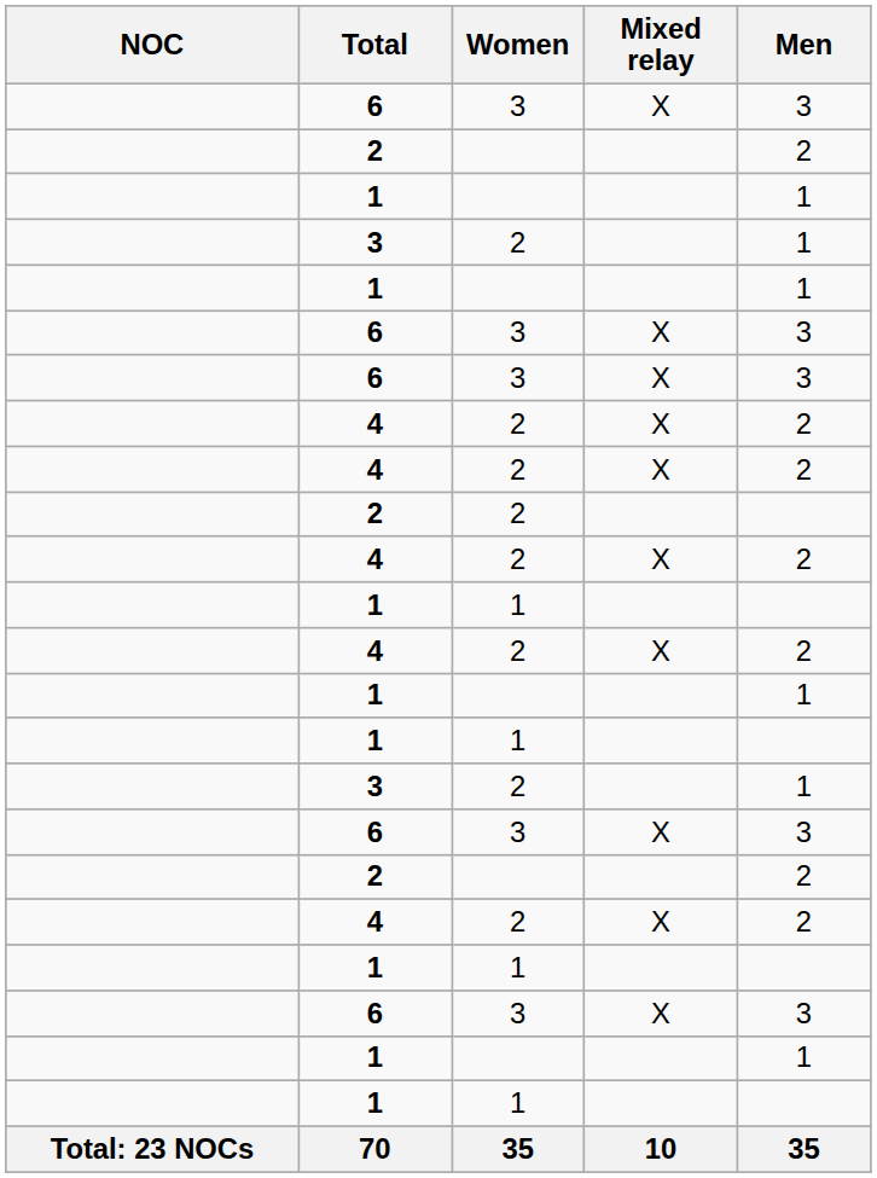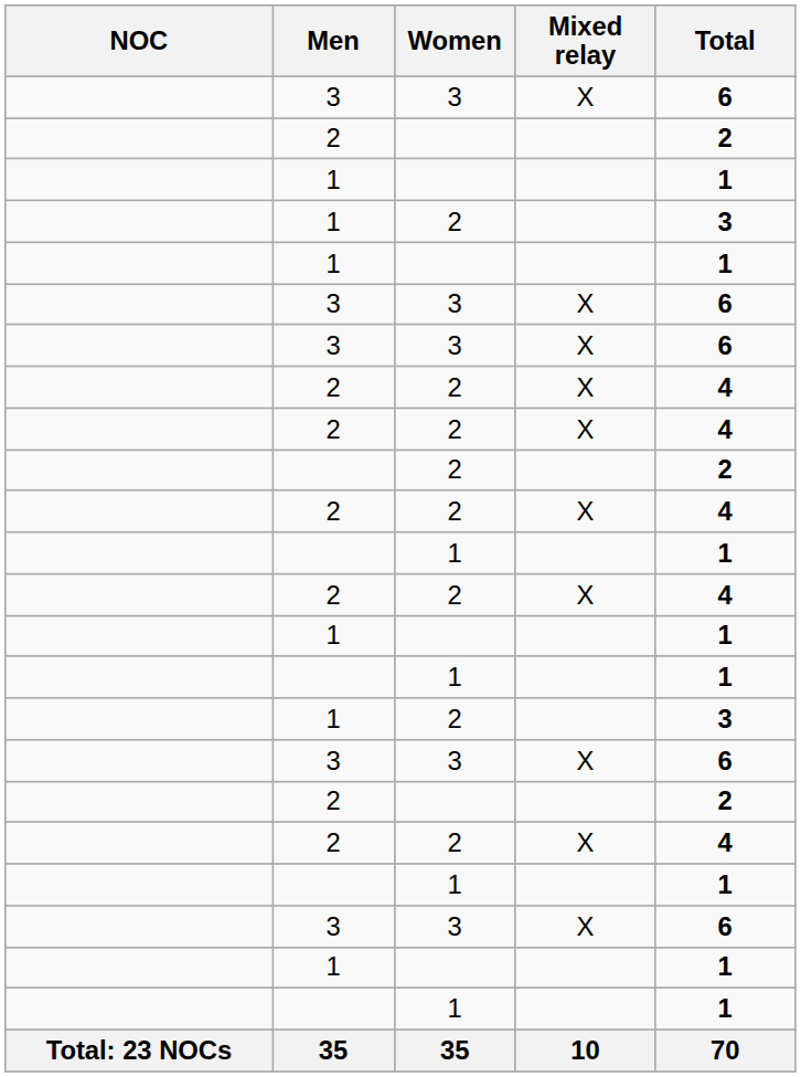 <table class="wikitable" style="text-align:center; font-size:90%">
 <tr>
 <th width=140 align="left">NOC</th>
-<th width=70>Total</th>
+<th width=60>Men</th>
 <th width=60>Women</th>
 <th width=70>Mixed relay</th>
-<th width=60>Men</th>
+<th width=70>Total</th>
 </tr>
 <tr>
 <td align=left></td>
-<td><strong>6</strong></td>
+<td>3</td>
 <td>3</td>
 <td>X</td>
-<td>3</td>
+<td><strong>6</strong></td>
 </tr>
 <tr>
 <td align=left></td>
-<td><strong>2</strong></td>
+<td>2</td>
 <td></td>
 <td></td>
-<td>2</td>
+<td><strong>2</strong></td>
 </tr>
 <tr>
 <td align=left></td>
-<td><strong>1</strong></td>
+<td>1</td>
 <td></td>
 <td></td>
-<td>1</td>
+<td><strong>1</strong></td>
 </tr>
 <tr>
 <td align=left></td>
-<td><strong>3</strong></td>
+<td>1</td>
 <td>2</td>
 <td></td>
-<td>1</td>
+<td><strong>3</strong></td>
 </tr>
 <tr>
 <td align=left></td>
-<td><strong>1</strong></td>
+<td>1</td>
 <td></td>
 <td></td>
-<td>1</td>
+<td><strong>1</strong></td>
 </tr>
 <tr>
 <td align=left></td>
-<td><strong>6</strong></td>
+<td>3</td>
 <td>3</td>
 <td>X</td>
-<td>3</td>
+<td><strong>6</strong></td>
 </tr>
 <tr>
 <td align=left></td>
-<td><strong>6</strong></td>
+<td>3</td>
 <td>3</td>
 <td>X</td>
-<td>3</td>
+<td><strong>6</strong></td>
 </tr>
 <tr>
 <td align=left></td>
-<td><strong>4</strong></td>
+<td>2</td>
 <td>2</td>
 <td>X</td>
-<td>2</td>
+<td><strong>4</strong></td>
 </tr>
 <tr>
 <td align=left></td>
-<td><strong>4</strong></td>
+<td>2</td>
 <td>2</td>
 <td>X</td>
-<td>2</td>
+<td><strong>4</strong></td>
 </tr>
 <tr>
 <td align=left></td>
+<td></td>
+<td>2</td>
+<td></td>
 <td><strong>2</strong></td>
+</tr>
+<tr>
+<td align=left></td>
+<td>2</td>
+<td>2</td>
+<td>X</td>
+<td><strong>4</strong></td>
+</tr>
+<tr>
+<td align=left></td>
+<td></td>
+<td>1</td>
+<td></td>
+<td><strong>1</strong></td>
+</tr>
+<tr>
+<td align=left></td>
+<td>2</td>
+<td>2</td>
+<td>X</td>
+<td><strong>4</strong></td>
+</tr>
+<tr>
+<td align=left></td>
+<td>1</td>
+<td></td>
+<td></td>
+<td><strong>1</strong></td>
+</tr>
+<tr>
+<td align=left></td>
+<td></td>
+<td>1</td>
+<td></td>
+<td><strong>1</strong></td>
+</tr>
+<tr>
+<td align=left></td>
+<td>1</td>
+<td>2</td>
+<td></td>
+<td><strong>3</strong></td>
+</tr>
+<tr>
+<td align=left></td>
+<td>3</td>
+<td>3</td>
+<td>X</td>
+<td><strong>6</strong></td>
+</tr>
+<tr>
+<td align=left></td>
 <td>2</td>
 <td></td>
 <td></td>
+<td><strong>2</strong></td>
 </tr>
 <tr>
 <td align=left></td>
-<td><strong>4</strong></td>
+<td>2</td>
 <td>2</td>
 <td>X</td>
-<td>2</td>
+<td><strong>4</strong></td>
 </tr>
 <tr>
 <td align=left></td>
+<td></td>
+<td>1</td>
+<td></td>
 <td><strong>1</strong></td>
+</tr>
+<tr>
+<td align=left></td>
+<td>3</td>
+<td>3</td>
+<td>X</td>
+<td><strong>6</strong></td>
+</tr>
+<tr>
+<td align=left></td>
 <td>1</td>
 <td></td>
 <td></td>
+<td><strong>1</strong></td>
 </tr>
 <tr>
 <td align=left></td>
-<td><strong>4</strong></td>
-<td>2</td>
-<td>X</td>
-<td>2</td>
-</tr>
-<tr>
-<td align=left></td>
-<td><strong>1</strong></td>
-<td></td>
 <td></td>
 <td>1</td>
-</tr>
-<tr>
-<td align=left></td>
+<td></td>
 <td><strong>1</strong></td>
-<td>1</td>
-<td></td>
-<td></td>
-</tr>
-<tr>
-<td align=left></td>
-<td><strong>3</strong></td>
-<td>2</td>
-<td></td>
-<td>1</td>
-</tr>
-<tr>
-<td align=left></td>
-<td><strong>6</strong></td>
-<td>3</td>
-<td>X</td>
-<td>3</td>
-</tr>
-<tr>
-<td align=left></td>
-<td><strong>2</strong></td>
-<td></td>
-<td></td>
-<td>2</td>
-</tr>
-<tr>
-<td align=left></td>
-<td><strong>4</strong></td>
-<td>2</td>
-<td>X</td>
-<td>2</td>
-</tr>
-<tr>
-<td align=left></td>
-<td><strong>1</strong></td>
-<td>1</td>
-<td></td>
-<td></td>
-</tr>
-<tr>
-<td align=left></td>
-<td><strong>6</strong></td>
-<td>3</td>
-<td>X</td>
-<td>3</td>
-</tr>
-<tr>
-<td align=left></td>
-<td><strong>1</strong></td>
-<td></td>
-<td></td>
-<td>1</td>
-</tr>
-<tr>
-<td align=left></td>
-<td><strong>1</strong></td>
-<td>1</td>
-<td></td>
-<td></td>
 </tr>
 <tr>
 <th>Total: 23 NOCs</th>
-<th>70</th>
+<th>35</th>
 <th>35</th>
 <th>10</th>
-<th>35</th>
+<th>70</th>
 </tr>
 </table>
